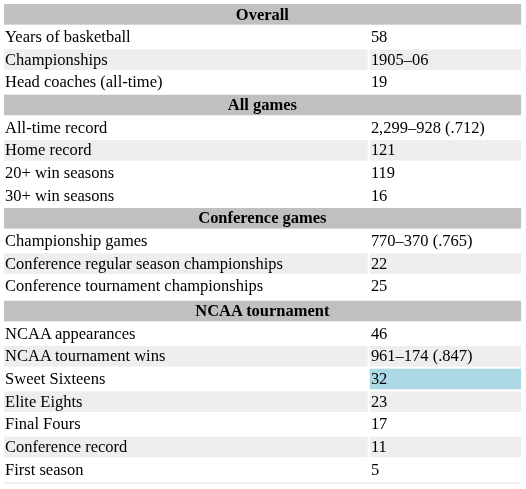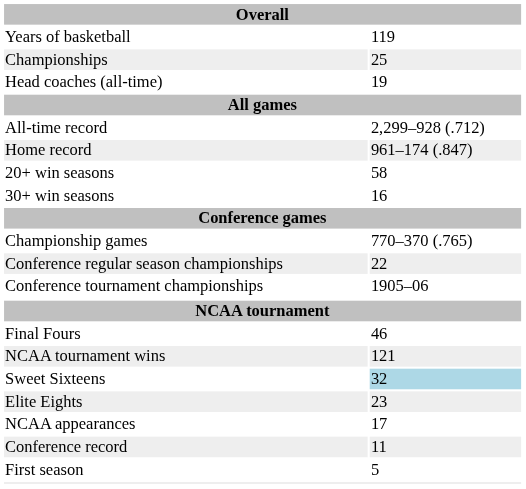 <table width=40% class="toccolours">
 <tr>
 <th colspan=2 bgcolor=silver>Overall</th>
 </tr>
 <tr>
 <td>Years of basketball</td>
-<td>58</td>
+<td>119</td>
 </tr>
 <tr bgcolor=#eeeeee>
 <td>Championships</td>
-<td>1905–06</td>
+<td>25</td>
 </tr>
 <tr>
 <td>Head coaches (all-time)</td>
 <td>19</td>
 </tr>
 <tr>
 <th colspan=2 bgcolor=silver>All games</th>
 </tr>
 <tr>
 <td>All-time record</td>
 <td>2,299–928 (.712)</td>
 </tr>
 <tr bgcolor=#eeeeee>
 <td>Home record</td>
-<td>121</td>
+<td>961–174 (.847)</td>
 </tr>
 <tr>
 <td>20+ win seasons</td>
-<td>119</td>
+<td>58</td>
 </tr>
 <tr -bgcolor=#eeeeee>
 <td>30+ win seasons</td>
 <td>16</td>
 </tr>
 <tr>
 <th colspan=2 bgcolor=silver>Conference games</th>
 </tr>
 <tr>
 <td>Championship games</td>
 <td>770–370 (.765)</td>
 </tr>
 <tr bgcolor=#eeeeee>
 <td>Conference regular season championships</td>
 <td>22</td>
 </tr>
 <tr>
 <td>Conference tournament championships</td>
-<td>25</td>
+<td>1905–06</td>
 </tr>
 <tr bgcolor=#eeeeee>
 </tr>
 <tr>
 <th colspan=2 bgcolor=silver>NCAA tournament</th>
 </tr>
 <tr>
-<td>NCAA appearances</td>
+<td>Final Fours</td>
 <td>46</td>
 </tr>
 <tr bgcolor=#eeeeee>
 <td>NCAA tournament wins</td>
-<td>961–174 (.847)</td>
+<td>121</td>
 </tr>
 <tr>
 <td>Sweet Sixteens</td>
 <td style="background: lightblue;">32</td>
 </tr>
 <tr bgcolor=#eeeeee>
 <td>Elite Eights</td>
 <td>23</td>
 </tr>
 <tr>
-<td>Final Fours</td>
+<td>NCAA appearances</td>
 <td>17</td>
 </tr>
 <tr bgcolor=#eeeeee>
 <td>Conference record</td>
 <td>11</td>
 </tr>
 <tr>
 <td>First season</td>
 <td>5</td>
 </tr>
 <tr>
 <td colspan=2 bgcolor=#eeeeee><small><em></em></small></td>
 </tr>
 </table>
